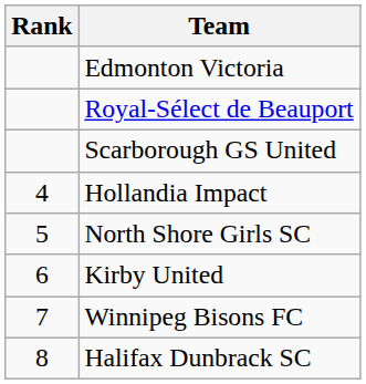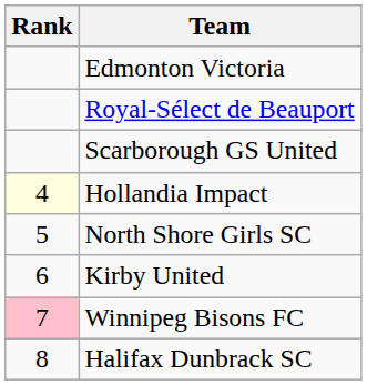 <table class="wikitable">
 <tr>
 <th>Rank</th>
 <th>Team</th>
 </tr>
 <tr>
 <td align=center></td>
 <td> Edmonton Victoria</td>
 </tr>
 <tr>
 <td align=center></td>
 <td> <a href='#'>Royal-Sélect de Beauport</a></td>
 </tr>
 <tr>
 <td align=center></td>
 <td> Scarborough GS United</td>
 </tr>
 <tr>
-<td align=center>4</td>
+<td align=center style="background: lightyellow;">4</td>
 <td> Hollandia Impact</td>
 </tr>
 <tr>
 <td align=center>5</td>
 <td> North Shore Girls SC</td>
 </tr>
 <tr>
 <td align=center>6</td>
 <td> Kirby United</td>
 </tr>
 <tr>
-<td align=center>7</td>
+<td align=center style="background: pink;">7</td>
 <td> Winnipeg Bisons FC</td>
 </tr>
 <tr>
 <td align=center>8</td>
 <td> Halifax Dunbrack SC</td>
 </tr>
 </table>
